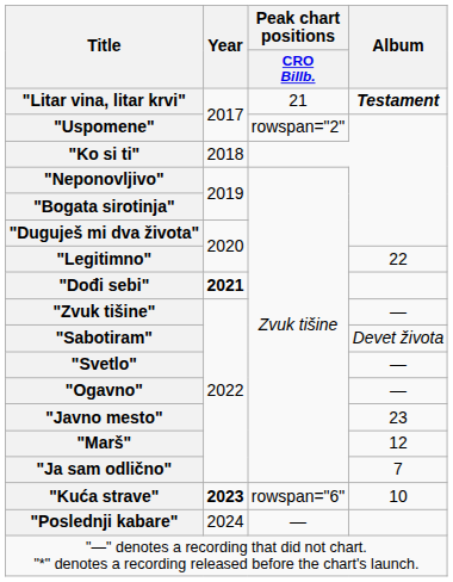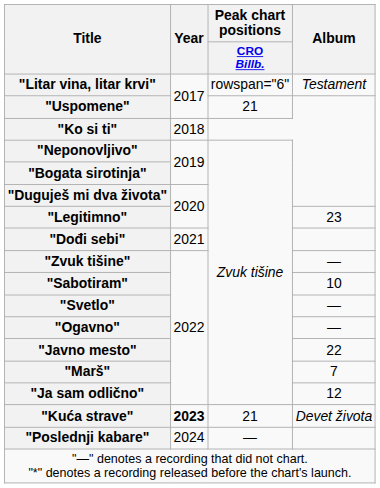 <table class="wikitable plainrowheaders" style="text-align:center;">
 <tr>
 <th scope="col" rowspan="2">Title</th>
 <th scope="col" rowspan="2">Year</th>
 <th scope="col" colspan="1">Peak chart positions</th>
 <th scope="col" rowspan="2">Album</th>
 </tr>
 <tr>
 <th style="width:2.5em; font-size:85%"><a href='#'>CRO<br><em>Billb.</em></a><br></th>
 </tr>
 <tr>
 <th scope="row">"Litar vina, litar krvi"<br></th>
 <td rowspan="2">2017</td>
-<td>21</td>
-<td><strong><em>Testament</em></strong></td>
+<td>rowspan="6" </td>
+<td><em>Testament</em></td>
 </tr>
 <tr>
 <th scope="row">"Uspomene"</th>
-<td>rowspan="2" </td>
+<td>21</td>
 </tr>
 <tr>
 <th scope="row">"Ko si ti"<br></th>
 <td>2018</td>
 </tr>
 <tr>
 <th scope="row">"Neponovljivo"<br></th>
 <td rowspan="2">2019</td>
 <td rowspan="12"><em>Zvuk tišine</em></td>
 </tr>
 <tr>
 <th scope="row">"Bogata sirotinja"</th>
 </tr>
 <tr>
 <th scope="row">"Duguješ mi dva života"</th>
 <td rowspan="2">2020</td>
 </tr>
 <tr>
 <th scope="row">"Legitimno"</th>
-<td>22</td>
+<td>23</td>
 </tr>
 <tr>
 <th scope="row">"Dođi sebi"<br></th>
-<td><strong>2021</strong></td>
+<td>2021</td>
 <td></td>
 </tr>
 <tr>
 <th scope="row">"Zvuk tišine"</th>
 <td rowspan="7">2022</td>
 <td>—</td>
 </tr>
 <tr>
 <th scope="row">"Sabotiram"</th>
-<td><em>Devet života</em></td>
+<td>10</td>
 </tr>
 <tr>
 <th scope="row">"Svetlo"</th>
 <td>—</td>
 </tr>
 <tr>
 <th scope="row">"Ogavno"</th>
 <td>—</td>
 </tr>
 <tr>
 <th scope="row">"Javno mesto"</th>
-<td>23</td>
+<td>22</td>
 </tr>
 <tr>
 <th scope="row">"Marš"</th>
-<td>12</td>
+<td>7</td>
 </tr>
 <tr>
 <th scope="row">"Ja sam odlično"</th>
-<td>7</td>
+<td>12</td>
 </tr>
 <tr>
 <th scope="row">"Kuća strave"</th>
 <td rowspan="1"><strong>2023</strong></td>
-<td>rowspan="6" </td>
-<td>10</td>
+<td>21</td>
+<td><em>Devet života</em></td>
 </tr>
 <tr>
 <th scope="row">"Poslednji kabare"</th>
 <td rowspan="1">2024</td>
 <td>—</td>
 <td></td>
 </tr>
 <tr>
 <td colspan="4" style="font-size:90%">"—" denotes a recording that did not chart.<br>"*" denotes a recording released before the chart's launch.</td>
 </tr>
 </table>
